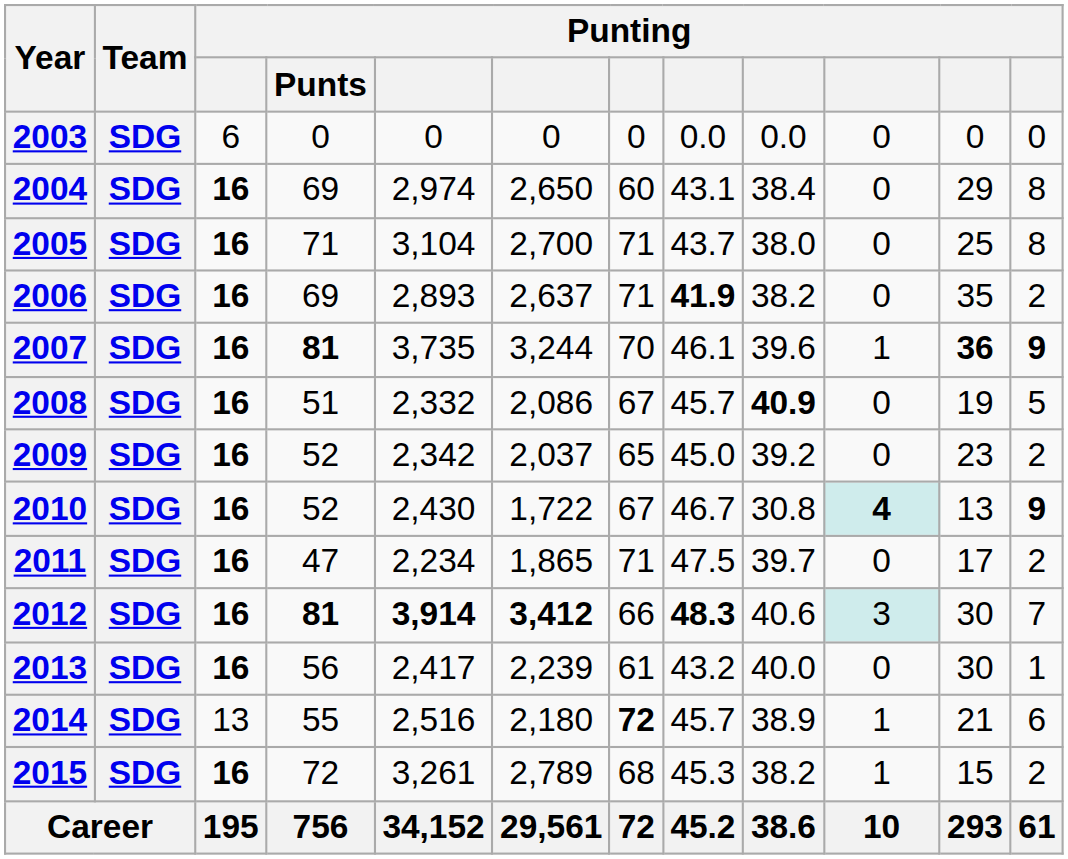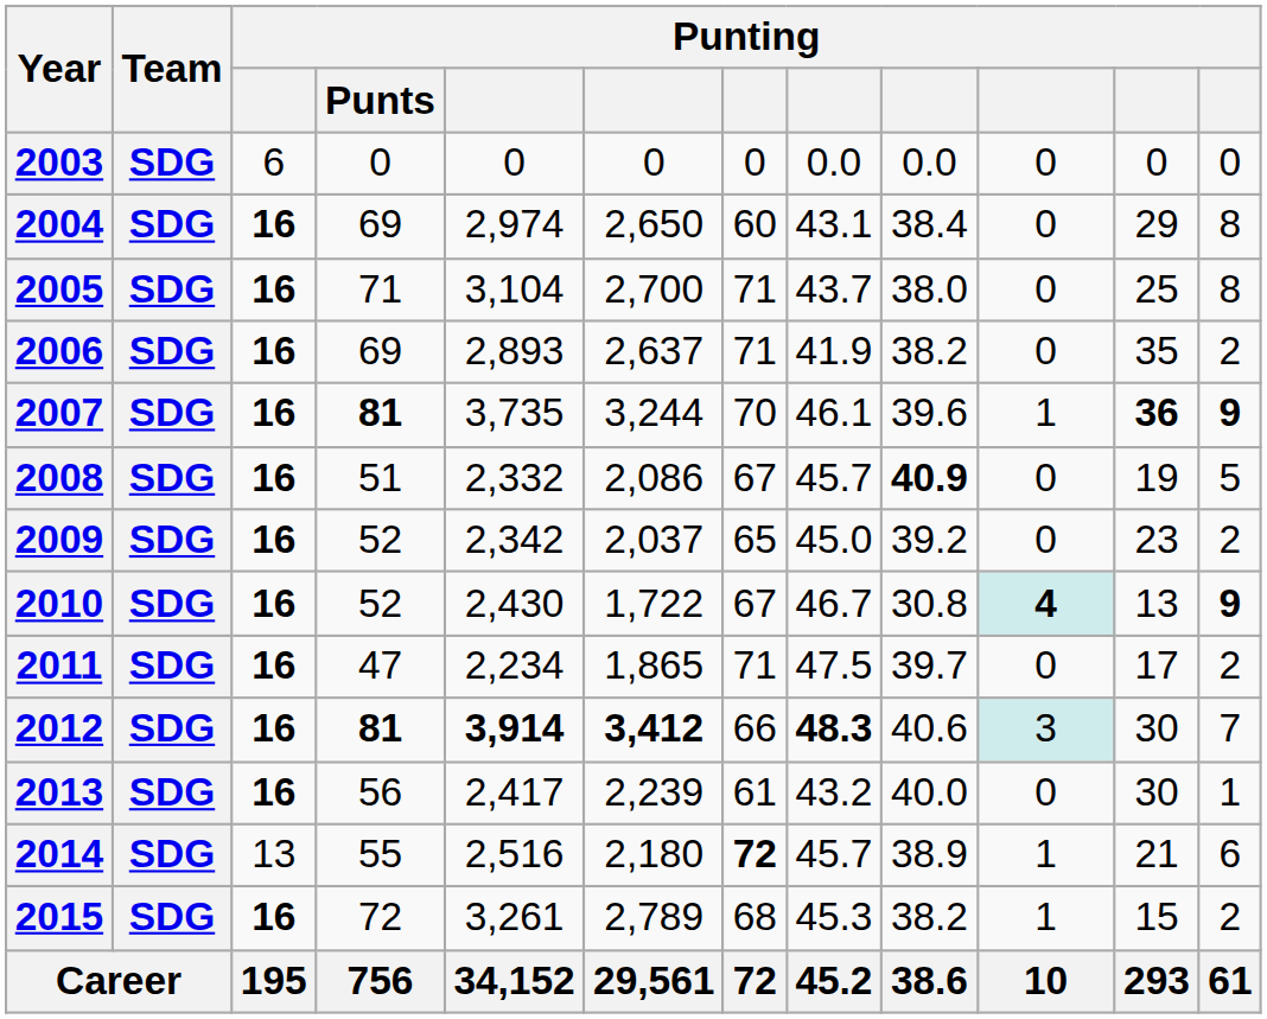 <table class=wikitable style="text-align:center;">
 <tr>
 <th rowspan="2">Year</th>
 <th rowspan="2">Team</th>
 <th colspan="10">Punting</th>
 </tr>
 <tr>
 <th></th>
 <th>Punts</th>
 <th></th>
 <th></th>
 <th></th>
 <th></th>
 <th></th>
 <th></th>
 <th></th>
 <th></th>
 </tr>
 <tr>
 <th><a href='#'>2003</a></th>
 <th><a href='#'>SDG</a></th>
 <td>6</td>
 <td>0</td>
 <td>0</td>
 <td>0</td>
 <td>0</td>
 <td>0.0</td>
 <td>0.0</td>
 <td>0</td>
 <td>0</td>
 <td>0</td>
 </tr>
 <tr>
 <th><a href='#'>2004</a></th>
 <th><a href='#'>SDG</a></th>
 <td><strong>16</strong></td>
 <td>69</td>
 <td>2,974</td>
 <td>2,650</td>
 <td>60</td>
 <td>43.1</td>
 <td>38.4</td>
 <td>0</td>
 <td>29</td>
 <td>8</td>
 </tr>
 <tr>
 <th><a href='#'>2005</a></th>
 <th><a href='#'>SDG</a></th>
 <td><strong>16</strong></td>
 <td>71</td>
 <td>3,104</td>
 <td>2,700</td>
 <td>71</td>
 <td>43.7</td>
 <td>38.0</td>
 <td>0</td>
 <td>25</td>
 <td>8</td>
 </tr>
 <tr>
 <th><a href='#'>2006</a></th>
 <th><a href='#'>SDG</a></th>
 <td><strong>16</strong></td>
 <td>69</td>
 <td>2,893</td>
 <td>2,637</td>
 <td>71</td>
-<td><strong>41.9</strong></td>
+<td>41.9</td>
 <td>38.2</td>
 <td>0</td>
 <td>35</td>
 <td>2</td>
 </tr>
 <tr>
 <th><a href='#'>2007</a></th>
 <th><a href='#'>SDG</a></th>
 <td><strong>16</strong></td>
 <td><strong>81</strong></td>
 <td>3,735</td>
 <td>3,244</td>
 <td>70</td>
 <td>46.1</td>
 <td>39.6</td>
 <td>1</td>
 <td><strong>36</strong></td>
 <td><strong>9</strong></td>
 </tr>
 <tr>
 <th><a href='#'>2008</a></th>
 <th><a href='#'>SDG</a></th>
 <td><strong>16</strong></td>
 <td>51</td>
 <td>2,332</td>
 <td>2,086</td>
 <td>67</td>
 <td>45.7</td>
 <td><strong>40.9</strong></td>
 <td>0</td>
 <td>19</td>
 <td>5</td>
 </tr>
 <tr>
 <th><a href='#'>2009</a></th>
 <th><a href='#'>SDG</a></th>
 <td><strong>16</strong></td>
 <td>52</td>
 <td>2,342</td>
 <td>2,037</td>
 <td>65</td>
 <td>45.0</td>
 <td>39.2</td>
 <td>0</td>
 <td>23</td>
 <td>2</td>
 </tr>
 <tr>
 <th><a href='#'>2010</a></th>
 <th><a href='#'>SDG</a></th>
 <td><strong>16</strong></td>
 <td>52</td>
 <td>2,430</td>
 <td>1,722</td>
 <td>67</td>
 <td>46.7</td>
 <td>30.8</td>
 <td style="background:#cfecec; width:3em;"><strong>4</strong></td>
 <td>13</td>
 <td><strong>9</strong></td>
 </tr>
 <tr>
 <th><a href='#'>2011</a></th>
 <th><a href='#'>SDG</a></th>
 <td><strong>16</strong></td>
 <td>47</td>
 <td>2,234</td>
 <td>1,865</td>
 <td>71</td>
 <td>47.5</td>
 <td>39.7</td>
 <td>0</td>
 <td>17</td>
 <td>2</td>
 </tr>
 <tr>
 <th><a href='#'>2012</a></th>
 <th><a href='#'>SDG</a></th>
 <td><strong>16</strong></td>
 <td><strong>81</strong></td>
 <td><strong>3,914</strong></td>
 <td><strong>3,412</strong></td>
 <td>66</td>
 <td><strong>48.3</strong></td>
 <td>40.6</td>
 <td style="background:#cfecec; width:3em;">3</td>
 <td>30</td>
 <td>7</td>
 </tr>
 <tr>
 <th><a href='#'>2013</a></th>
 <th><a href='#'>SDG</a></th>
 <td><strong>16</strong></td>
 <td>56</td>
 <td>2,417</td>
 <td>2,239</td>
 <td>61</td>
 <td>43.2</td>
 <td>40.0</td>
 <td>0</td>
 <td>30</td>
 <td>1</td>
 </tr>
 <tr>
 <th><a href='#'>2014</a></th>
 <th><a href='#'>SDG</a></th>
 <td>13</td>
 <td>55</td>
 <td>2,516</td>
 <td>2,180</td>
 <td><strong>72</strong></td>
 <td>45.7</td>
 <td>38.9</td>
 <td>1</td>
 <td>21</td>
 <td>6</td>
 </tr>
 <tr>
 <th><a href='#'>2015</a></th>
 <th><a href='#'>SDG</a></th>
 <td><strong>16</strong></td>
 <td>72</td>
 <td>3,261</td>
 <td>2,789</td>
 <td>68</td>
 <td>45.3</td>
 <td>38.2</td>
 <td>1</td>
 <td>15</td>
 <td>2</td>
 </tr>
 <tr>
 <th colspan="2">Career</th>
 <th>195</th>
 <th>756</th>
 <th>34,152</th>
 <th>29,561</th>
 <th>72</th>
 <th>45.2</th>
 <th>38.6</th>
 <th>10</th>
 <th>293</th>
 <th>61</th>
 </tr>
 </table>
